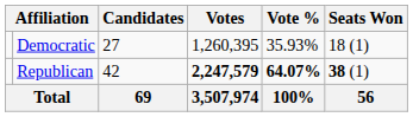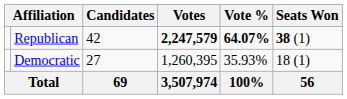 <table class="wikitable">
 <tr>
 <th colspan="2">Affiliation</th>
 <th>Candidates</th>
 <th>Votes</th>
 <th>Vote %</th>
 <th>Seats Won</th>
+</tr>
+<tr>
+<td !scope=col colspan=1 style="background:"></td>
+<td><a href='#'>Republican</a></td>
+<td>42</td>
+<td><strong>2,247,579</strong></td>
+<td><strong>64.07%</strong></td>
+<td><strong>38</strong> (1)</td>
 </tr>
 <tr>
 <td ! scope=col colspan=1 style="background:"></td>
 <td><a href='#'>Democratic</a></td>
 <td>27</td>
 <td>1,260,395</td>
 <td>35.93%</td>
 <td>18 (1)</td>
 </tr>
 <tr>
-<td !scope=col colspan=1 style="background:"></td>
-<td><a href='#'>Republican</a></td>
-<td>42</td>
-<td><strong>2,247,579</strong></td>
-<td><strong>64.07%</strong></td>
-<td><strong>38</strong> (1)</td>
-</tr>
-<tr>
 <th colspan="2">Total</th>
 <th>69</th>
 <th>3,507,974</th>
 <th>100%</th>
 <th>56</th>
 </tr>
 </table>
